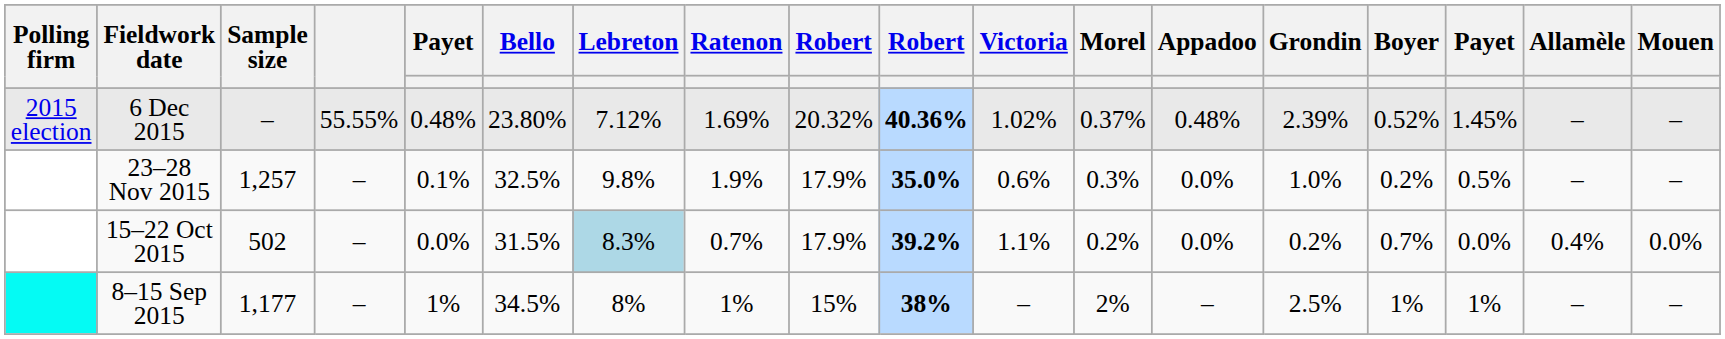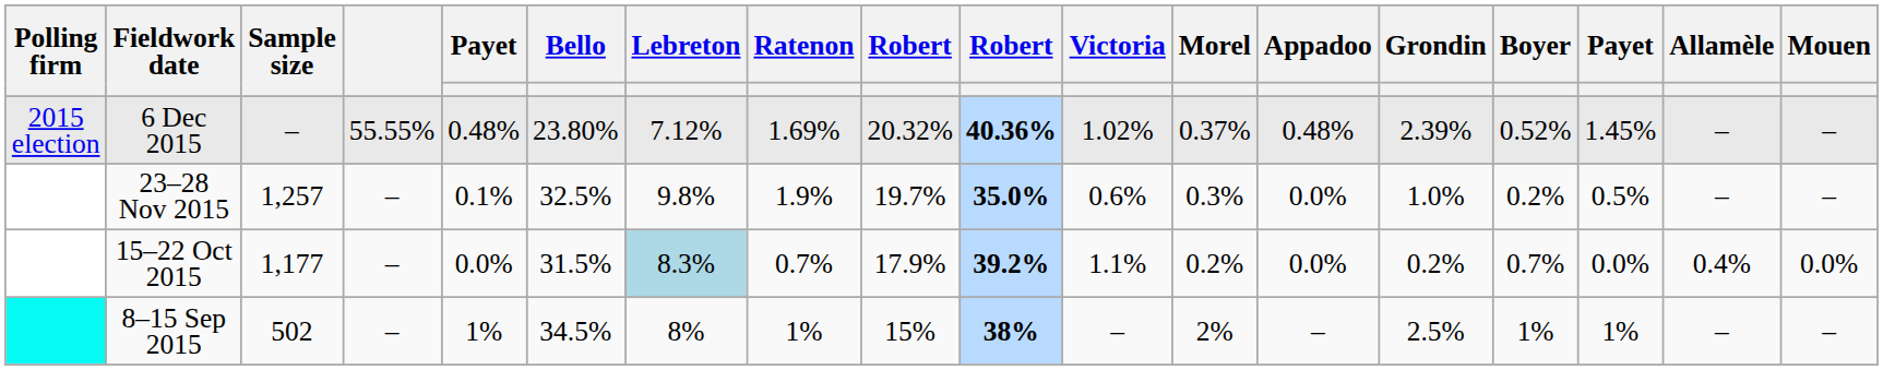 <table class="wikitable sortable" style="text-align:center;font-size:90%;line-height:14px;">
 <tr style="height:40px;">
 <th style="width:100px;" rowspan="2">Polling firm</th>
 <th style="width:110px;" rowspan="2">Fieldwork date</th>
 <th style="width:35px;" rowspan="2">Sample<br>size</th>
 <th style="width:30px;" rowspan="2"></th>
 <th class="unsortable" style="width:60px;">Payet<br></th>
 <th class="unsortable" style="width:60px;"><a href='#'>Bello</a><br></th>
 <th class="unsortable" style="width:60px;"><a href='#'>Lebreton</a><br></th>
 <th class="unsortable" style="width:60px;"><a href='#'>Ratenon</a><br></th>
 <th class="unsortable" style="width:60px;"><a href='#'>Robert</a><br></th>
 <th class="unsortable" style="width:60px;"><a href='#'>Robert</a><br></th>
 <th class="unsortable" style="width:60px;"><a href='#'>Victoria</a><br></th>
 <th class="unsortable" style="width:60px;">Morel<br></th>
 <th class="unsortable" style="width:60px;">Appadoo<br></th>
 <th class="unsortable" style="width:60px;">Grondin<br></th>
 <th class="unsortable" style="width:60px;">Boyer<br></th>
 <th class="unsortable" style="width:60px;">Payet<br></th>
 <th class="unsortable" style="width:60px;">Allamèle<br></th>
 <th class="unsortable" style="width:60px;">Mouen<br></th>
 </tr>
 <tr>
 <th style="background:"></th>
 <th style="background:"></th>
 <th style="background:"></th>
 <th style="background:"></th>
 <th style="background:"></th>
 <th style="background:"></th>
 <th style="background:"></th>
 <th style="background:"></th>
 <th style="background:"></th>
 <th style="background:"></th>
 <th style="background:"></th>
 <th style="background:"></th>
 <th style="background:"></th>
 <th style="background:"></th>
 </tr>
 <tr style="background:#E9E9E9;">
 <td><a href='#'>2015 election</a></td>
 <td data-sort-value="2015-12-06">6 Dec 2015</td>
 <td>–</td>
 <td>55.55%</td>
 <td>0.48%</td>
 <td>23.80%</td>
 <td>7.12%</td>
 <td>1.69%</td>
 <td>20.32%</td>
 <td style="background:#B9DAFF;"><strong>40.36%</strong></td>
 <td>1.02%</td>
 <td>0.37%</td>
 <td>0.48%</td>
 <td>2.39%</td>
 <td>0.52%</td>
 <td>1.45%</td>
 <td>–</td>
 <td>–</td>
 </tr>
 <tr>
 <td style="background:#FFFFFF;"></td>
 <td data-sort-value="2015-11-28">23–28 Nov 2015</td>
 <td>1,257</td>
 <td>–</td>
 <td>0.1%</td>
 <td>32.5%</td>
 <td>9.8%</td>
 <td>1.9%</td>
-<td>17.9%</td>
+<td>19.7%</td>
 <td style="background:#B9DAFF;"><strong>35.0%</strong></td>
 <td>0.6%</td>
 <td>0.3%</td>
 <td>0.0%</td>
 <td>1.0%</td>
 <td>0.2%</td>
 <td>0.5%</td>
 <td>–</td>
 <td>–</td>
 </tr>
 <tr>
 <td style="background:#FFFFFF;"></td>
 <td data-sort-value="2015-10-22">15–22 Oct 2015</td>
-<td>502</td>
+<td>1,177</td>
 <td>–</td>
 <td>0.0%</td>
 <td>31.5%</td>
 <td style="background: lightblue;">8.3%</td>
 <td>0.7%</td>
 <td>17.9%</td>
 <td style="background:#B9DAFF;"><strong>39.2%</strong></td>
 <td>1.1%</td>
 <td>0.2%</td>
 <td>0.0%</td>
 <td>0.2%</td>
 <td>0.7%</td>
 <td>0.0%</td>
 <td>0.4%</td>
 <td>0.0%</td>
 </tr>
 <tr>
 <td style="background:#04FBF4;"></td>
 <td data-sort-value="2015-09-15">8–15 Sep 2015</td>
-<td>1,177</td>
+<td>502</td>
 <td>–</td>
 <td>1%</td>
 <td>34.5%</td>
 <td>8%</td>
 <td>1%</td>
 <td>15%</td>
 <td style="background:#B9DAFF;"><strong>38%</strong></td>
 <td>–</td>
 <td>2%</td>
 <td>–</td>
 <td>2.5%</td>
 <td>1%</td>
 <td>1%</td>
 <td>–</td>
 <td>–</td>
 </tr>
 </table>
